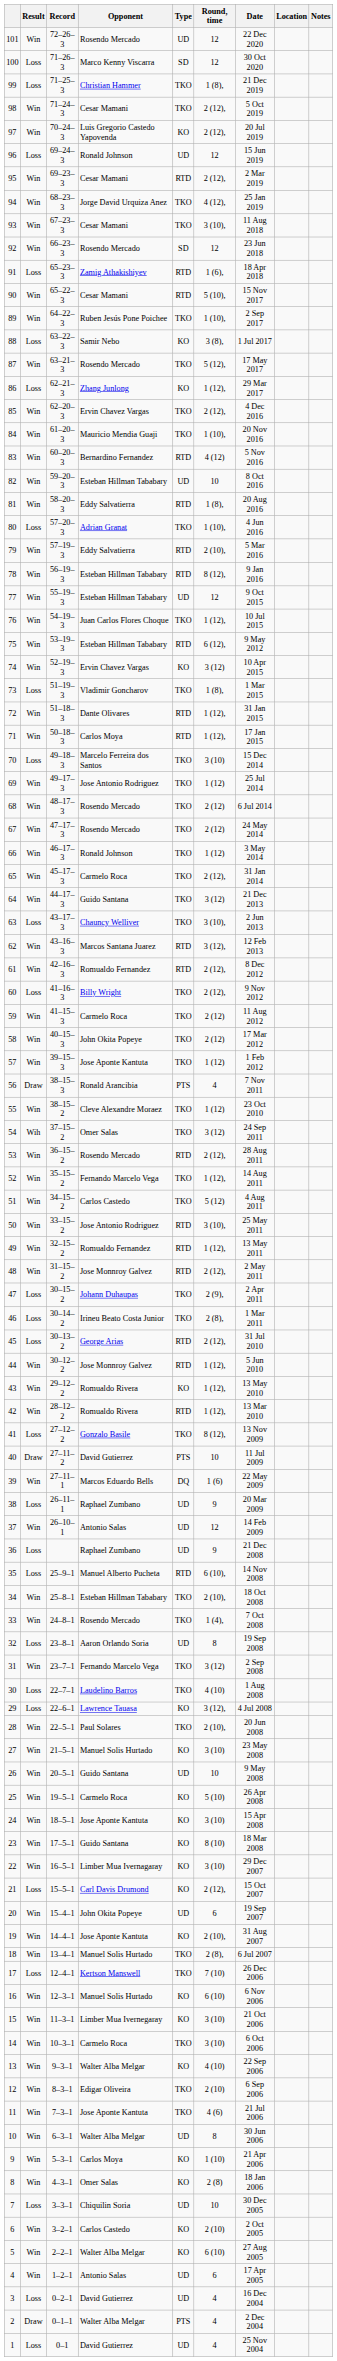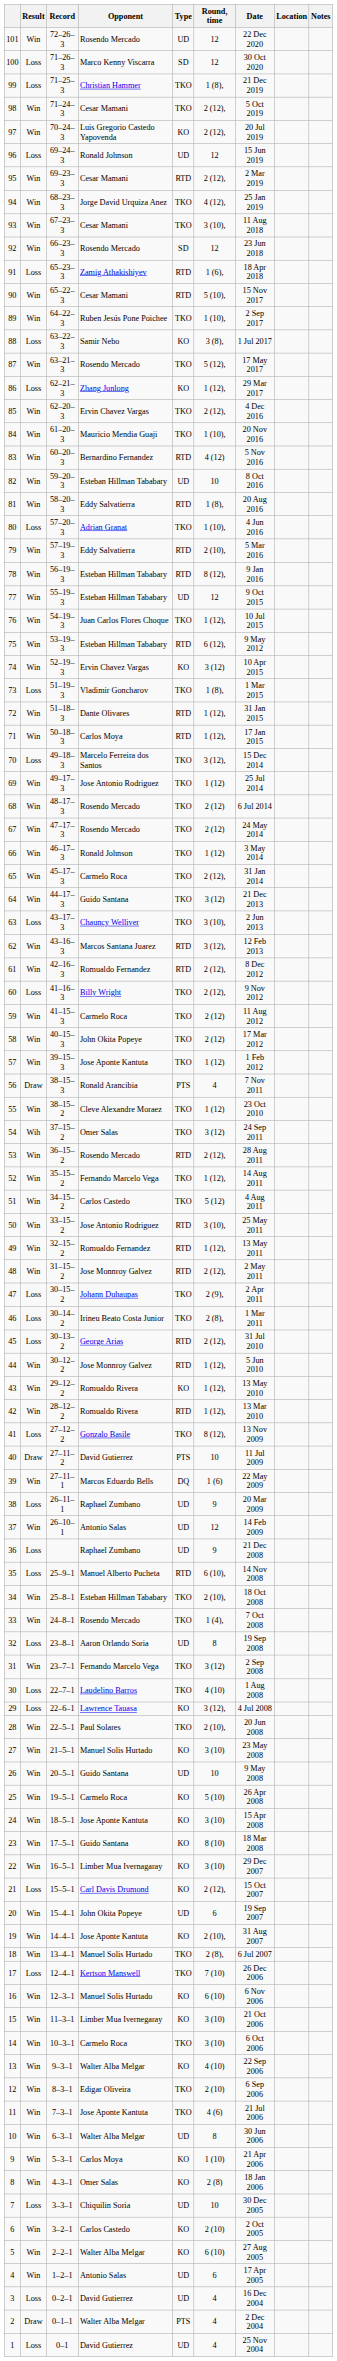 <table class="wikitable" style="text-align:center; font-size:95%">
 <tr>
 <th></th>
 <th>Result</th>
 <th>Record</th>
 <th>Opponent</th>
 <th>Type</th>
 <th>Round, time</th>
 <th>Date</th>
 <th>Location</th>
 <th>Notes</th>
 </tr>
 <tr>
 <td>101</td>
 <td>Win</td>
 <td>72–26–3</td>
 <td align=left>Rosendo Mercado</td>
 <td>UD</td>
 <td>12</td>
 <td>22 Dec 2020</td>
 <td align=left></td>
 <td align=left></td>
 </tr>
 <tr>
 <td>100</td>
 <td>Loss</td>
 <td>71–26–3</td>
 <td align=left>Marco Kenny Viscarra</td>
 <td>SD</td>
 <td>12</td>
 <td>30 Oct 2020</td>
 <td align=left></td>
 <td align=left></td>
 </tr>
 <tr>
 <td>99</td>
 <td>Loss</td>
 <td>71–25–3</td>
 <td align=left><a href='#'>Christian Hammer</a></td>
 <td>TKO</td>
 <td>1 (8), </td>
 <td>21 Dec 2019</td>
 <td align=left></td>
 <td></td>
 </tr>
 <tr>
 <td>98</td>
 <td>Win</td>
 <td>71–24–3</td>
 <td align=left>Cesar Mamani</td>
 <td>TKO</td>
 <td>2 (12), </td>
 <td>5 Oct 2019</td>
 <td align=left></td>
 <td></td>
 </tr>
 <tr>
 <td>97</td>
 <td>Win</td>
 <td>70–24–3</td>
 <td align=left>Luis Gregorio Castedo Yapovenda</td>
 <td>KO</td>
 <td>2 (12), </td>
 <td>20 Jul 2019</td>
 <td align=left></td>
 <td></td>
 </tr>
 <tr>
 <td>96</td>
 <td>Loss</td>
 <td>69–24–3</td>
 <td align=left>Ronald Johnson</td>
 <td>UD</td>
 <td>12</td>
 <td>15 Jun 2019</td>
 <td align=left></td>
 <td></td>
 </tr>
 <tr>
 <td>95</td>
 <td>Win</td>
 <td>69–23–3</td>
 <td align=left>Cesar Mamani</td>
 <td>RTD</td>
 <td>2 (12), </td>
 <td>2 Mar 2019</td>
 <td align=left></td>
 <td align=left></td>
 </tr>
 <tr>
 <td>94</td>
 <td>Win</td>
 <td>68–23–3</td>
 <td align=left>Jorge David Urquiza Anez</td>
 <td>TKO</td>
 <td>4 (12), </td>
 <td>25 Jan 2019</td>
 <td align=left></td>
 <td></td>
 </tr>
 <tr>
 <td>93</td>
 <td>Win</td>
 <td>67–23–3</td>
 <td align=left>Cesar Mamani</td>
 <td>TKO</td>
 <td>3 (10), </td>
 <td>11 Aug 2018</td>
 <td align=left></td>
 <td></td>
 </tr>
 <tr>
 <td>92</td>
 <td>Win</td>
 <td>66–23–3</td>
 <td align=left>Rosendo Mercado</td>
 <td>SD</td>
 <td>12</td>
 <td>23 Jun 2018</td>
 <td align=left></td>
 <td align=left></td>
 </tr>
 <tr>
 <td>91</td>
 <td>Loss</td>
 <td>65–23–3</td>
 <td align=left><a href='#'>Zamig Athakishiyev</a></td>
 <td>RTD</td>
 <td>1 (6), </td>
 <td>18 Apr 2018</td>
 <td align=left></td>
 <td></td>
 </tr>
 <tr>
 <td>90</td>
 <td>Win</td>
 <td>65–22–3</td>
 <td align=left>Cesar Mamani</td>
 <td>RTD</td>
 <td>5 (10), </td>
 <td>15 Nov 2017</td>
 <td align=left></td>
 <td></td>
 </tr>
 <tr>
 <td>89</td>
 <td>Win</td>
 <td>64–22–3</td>
 <td align=left>Ruben Jesús Pone Poichee</td>
 <td>TKO</td>
 <td>1 (10), </td>
 <td>2 Sep 2017</td>
 <td align=left></td>
 <td></td>
 </tr>
 <tr>
 <td>88</td>
 <td>Loss</td>
 <td>63–22–3</td>
 <td align=left>Samir Nebo</td>
 <td>KO</td>
 <td>3 (8), </td>
 <td>1 Jul 2017</td>
 <td align=left></td>
 <td></td>
 </tr>
 <tr>
 <td>87</td>
 <td>Win</td>
 <td>63–21–3</td>
 <td align=left>Rosendo Mercado</td>
 <td>TKO</td>
 <td>5 (12), </td>
 <td>17 May 2017</td>
 <td align=left></td>
 <td align=left></td>
 </tr>
 <tr>
 <td>86</td>
 <td>Loss</td>
 <td>62–21–3</td>
 <td align=left><a href='#'>Zhang Junlong</a></td>
 <td>KO</td>
 <td>1 (12), </td>
 <td>29 Mar 2017</td>
 <td align=left></td>
 <td></td>
 </tr>
 <tr>
 <td>85</td>
 <td>Win</td>
 <td>62–20–3</td>
 <td align=left>Ervin Chavez Vargas</td>
 <td>TKO</td>
 <td>2 (12), </td>
 <td>4 Dec 2016</td>
 <td align=left></td>
 <td></td>
 </tr>
 <tr>
 <td>84</td>
 <td>Win</td>
 <td>61–20–3</td>
 <td align=left>Mauricio Mendia Guaji</td>
 <td>TKO</td>
 <td>1 (10), </td>
 <td>20 Nov 2016</td>
 <td align=left></td>
 <td></td>
 </tr>
 <tr>
 <td>83</td>
 <td>Win</td>
 <td>60–20–3</td>
 <td align=left>Bernardino Fernandez</td>
 <td>RTD</td>
 <td>4 (12)</td>
 <td>5 Nov 2016</td>
 <td align=left></td>
 <td></td>
 </tr>
 <tr>
 <td>82</td>
 <td>Win</td>
 <td>59–20–3</td>
 <td align=left>Esteban Hillman Tababary</td>
 <td>UD</td>
 <td>10</td>
 <td>8 Oct 2016</td>
 <td align=left></td>
 <td></td>
 </tr>
 <tr>
 <td>81</td>
 <td>Win</td>
 <td>58–20–3</td>
 <td align=left>Eddy Salvatierra</td>
 <td>RTD</td>
 <td>1 (8), </td>
 <td>20 Aug 2016</td>
 <td align=left></td>
 <td></td>
 </tr>
 <tr>
 <td>80</td>
 <td>Loss</td>
 <td>57–20–3</td>
 <td align=left><a href='#'>Adrian Granat</a></td>
 <td>TKO</td>
 <td>1 (10), </td>
 <td>4 Jun 2016</td>
 <td align=left></td>
 <td></td>
 </tr>
 <tr>
 <td>79</td>
 <td>Win</td>
 <td>57–19–3</td>
 <td align=left>Eddy Salvatierra</td>
 <td>RTD</td>
 <td>2 (10), </td>
 <td>5 Mar 2016</td>
 <td align=left></td>
 <td></td>
 </tr>
 <tr>
 <td>78</td>
 <td>Win</td>
 <td>56–19–3</td>
 <td align=left>Esteban Hillman Tababary</td>
 <td>RTD</td>
 <td>8 (12), </td>
 <td>9 Jan 2016</td>
 <td align=left></td>
 <td align=left></td>
 </tr>
 <tr>
 <td>77</td>
 <td>Win</td>
 <td>55–19–3</td>
 <td align=left>Esteban Hillman Tababary</td>
 <td>UD</td>
 <td>12</td>
 <td>9 Oct 2015</td>
 <td align=left></td>
 <td align=left></td>
 </tr>
 <tr>
 <td>76</td>
 <td>Win</td>
 <td>54–19–3</td>
 <td align=left>Juan Carlos Flores Choque</td>
 <td>TKO</td>
 <td>1 (12), </td>
 <td>10 Jul 2015</td>
 <td align=left></td>
 <td align=left></td>
 </tr>
 <tr>
 <td>75</td>
 <td>Win</td>
 <td>53–19–3</td>
 <td align=left>Esteban Hillman Tababary</td>
 <td>RTD</td>
 <td>6 (12), </td>
 <td>9 May 2012</td>
 <td align=left></td>
 <td align=left></td>
 </tr>
 <tr>
 <td>74</td>
 <td>Win</td>
 <td>52–19–3</td>
 <td align=left>Ervin Chavez Vargas</td>
 <td>KO</td>
 <td>3 (12)</td>
 <td>10 Apr 2015</td>
 <td align=left></td>
 <td></td>
 </tr>
 <tr>
 <td>73</td>
 <td>Loss</td>
 <td>51–19–3</td>
 <td align=left>Vladimir Goncharov</td>
 <td>TKO</td>
 <td>1 (8), </td>
 <td>1 Mar 2015</td>
 <td align=left></td>
 <td></td>
 </tr>
 <tr>
 <td>72</td>
 <td>Win</td>
 <td>51–18–3</td>
 <td align=left>Dante Olivares</td>
 <td>RTD</td>
 <td>1 (12), </td>
 <td>31 Jan 2015</td>
 <td align=left></td>
 <td></td>
 </tr>
 <tr>
 <td>71</td>
 <td>Win</td>
 <td>50–18–3</td>
 <td align=left>Carlos Moya</td>
 <td>RTD</td>
 <td>1 (12), </td>
 <td>17 Jan 2015</td>
 <td align=left></td>
 <td></td>
 </tr>
 <tr>
 <td>70</td>
 <td>Loss</td>
 <td>49–18–3</td>
 <td align=left>Marcelo Ferreira dos Santos</td>
 <td>TKO</td>
-<td>3 (10)</td>
+<td>3 (12), </td>
 <td>15 Dec 2014</td>
 <td align=left></td>
 <td></td>
 </tr>
 <tr>
 <td>69</td>
 <td>Win</td>
 <td>49–17–3</td>
 <td align=left>Jose Antonio Rodriguez</td>
 <td>TKO</td>
 <td>1 (12)</td>
 <td>25 Jul 2014</td>
 <td align=left></td>
 <td align=left></td>
 </tr>
 <tr>
 <td>68</td>
 <td>Win</td>
 <td>48–17–3</td>
 <td align=left>Rosendo Mercado</td>
 <td>TKO</td>
 <td>2 (12)</td>
 <td>6 Jul 2014</td>
 <td align=left></td>
 <td align=left></td>
 </tr>
 <tr>
 <td>67</td>
 <td>Win</td>
 <td>47–17–3</td>
 <td align=left>Rosendo Mercado</td>
 <td>TKO</td>
 <td>2 (12)</td>
 <td>24 May 2014</td>
 <td align=left></td>
 <td align=left></td>
 </tr>
 <tr>
 <td>66</td>
 <td>Win</td>
 <td>46–17–3</td>
 <td align=left>Ronald Johnson</td>
 <td>TKO</td>
 <td>1 (12)</td>
 <td>3 May 2014</td>
 <td align=left></td>
 <td align=left></td>
 </tr>
 <tr>
 <td>65</td>
 <td>Win</td>
 <td>45–17–3</td>
 <td align=left>Carmelo Roca</td>
 <td>TKO</td>
 <td>2 (12), </td>
 <td>31 Jan 2014</td>
 <td align=left></td>
 <td align=left></td>
 </tr>
 <tr>
 <td>64</td>
 <td>Win</td>
 <td>44–17–3</td>
 <td align=left>Guido Santana</td>
 <td>TKO</td>
 <td>3 (12)</td>
 <td>21 Dec 2013</td>
 <td align=left></td>
 <td align=left></td>
 </tr>
 <tr>
 <td>63</td>
 <td>Loss</td>
 <td>43–17–3</td>
 <td align=left><a href='#'>Chauncy Welliver</a></td>
 <td>TKO</td>
 <td>3 (10), </td>
 <td>2 Jun 2013</td>
 <td align=left></td>
 <td></td>
 </tr>
 <tr>
 <td>62</td>
 <td>Win</td>
 <td>43–16–3</td>
 <td align=left>Marcos Santana Juarez</td>
 <td>RTD</td>
 <td>3 (12), </td>
 <td>12 Feb 2013</td>
 <td align=left></td>
 <td align=left></td>
 </tr>
 <tr>
 <td>61</td>
 <td>Win</td>
 <td>42–16–3</td>
 <td align=left>Romualdo Fernandez</td>
 <td>RTD</td>
 <td>2 (12), </td>
 <td>8 Dec 2012</td>
 <td align=left></td>
 <td align=left></td>
 </tr>
 <tr>
 <td>60</td>
 <td>Loss</td>
 <td>41–16–3</td>
 <td align=left><a href='#'>Billy Wright</a></td>
 <td>TKO</td>
 <td>2 (12), </td>
 <td>9 Nov 2012</td>
 <td align=left></td>
 <td align=left></td>
 </tr>
 <tr>
 <td>59</td>
 <td>Win</td>
 <td>41–15–3</td>
 <td align=left>Carmelo Roca</td>
 <td>TKO</td>
 <td>2 (12)</td>
 <td>11 Aug 2012</td>
 <td align=left></td>
 <td></td>
 </tr>
 <tr>
 <td>58</td>
 <td>Win</td>
 <td>40–15–3</td>
 <td align=left>John Okita Popeye</td>
 <td>TKO</td>
 <td>2 (12)</td>
 <td>17 Mar 2012</td>
 <td align=left></td>
 <td align=left></td>
 </tr>
 <tr>
 <td>57</td>
 <td>Win</td>
 <td>39–15–3</td>
 <td align=left>Jose Aponte Kantuta</td>
 <td>TKO</td>
 <td>1 (12)</td>
 <td>1 Feb 2012</td>
 <td align=left></td>
 <td align=left></td>
 </tr>
 <tr>
 <td>56</td>
 <td>Draw</td>
 <td>38–15–3</td>
 <td align=left>Ronald Arancibia</td>
 <td>PTS</td>
 <td>4</td>
 <td>7 Nov 2011</td>
 <td align=left></td>
 <td></td>
 </tr>
 <tr>
 <td>55</td>
 <td>Win</td>
 <td>38–15–2</td>
 <td align=left>Cleve Alexandre Moraez</td>
 <td>TKO</td>
 <td>1 (12)</td>
 <td>23 Oct 2010</td>
 <td align=left></td>
 <td></td>
 </tr>
 <tr>
 <td>54</td>
 <td>Wih</td>
 <td>37–15–2</td>
 <td align=left>Omer Salas</td>
 <td>TKO</td>
 <td>3 (12)</td>
 <td>24 Sep 2011</td>
 <td align=left></td>
 <td></td>
 </tr>
 <tr>
 <td>53</td>
 <td>Win</td>
 <td>36–15–2</td>
 <td align=left>Rosendo Mercado</td>
 <td>RTD</td>
 <td>2 (12), </td>
 <td>28 Aug 2011</td>
 <td align=left></td>
 <td align=left></td>
 </tr>
 <tr>
 <td>52</td>
 <td>Win</td>
 <td>35–15–2</td>
 <td align=left>Fernando Marcelo Vega</td>
 <td>TKO</td>
 <td>1 (12), </td>
 <td>14 Aug 2011</td>
 <td align=left></td>
 <td></td>
 </tr>
 <tr>
 <td>51</td>
 <td>Win</td>
 <td>34–15–2</td>
 <td align=left>Carlos Castedo</td>
 <td>TKO</td>
 <td>5 (12)</td>
 <td>4 Aug 2011</td>
 <td align=left></td>
 <td></td>
 </tr>
 <tr>
 <td>50</td>
 <td>Win</td>
 <td>33–15–2</td>
 <td align=left>Jose Antonio Rodriguez</td>
 <td>RTD</td>
 <td>3 (10), </td>
 <td>25 May 2011</td>
 <td align=left></td>
 <td></td>
 </tr>
 <tr>
 <td>49</td>
 <td>Win</td>
 <td>32–15–2</td>
 <td align=left>Romualdo Fernandez</td>
 <td>RTD</td>
 <td>1 (12), </td>
 <td>13 May 2011</td>
 <td align=left></td>
 <td align=left></td>
 </tr>
 <tr>
 <td>48</td>
 <td>Win</td>
 <td>31–15–2</td>
 <td align=left>Jose Monnroy Galvez</td>
 <td>RTD</td>
 <td>2 (12), </td>
 <td>2 May 2011</td>
 <td align=left></td>
 <td align=left></td>
 </tr>
 <tr>
 <td>47</td>
 <td>Loss</td>
 <td>30–15–2</td>
 <td align=left><a href='#'>Johann Duhaupas</a></td>
 <td>TKO</td>
 <td>2 (9), </td>
 <td>2 Apr 2011</td>
 <td align=left></td>
 <td align=left></td>
 </tr>
 <tr>
 <td>46</td>
 <td>Loss</td>
 <td>30–14–2</td>
 <td align=left>Irineu Beato Costa Junior</td>
 <td>TKO</td>
 <td>2 (8), </td>
 <td>1 Mar 2011</td>
 <td align=left></td>
 <td></td>
 </tr>
 <tr>
 <td>45</td>
 <td>Loss</td>
 <td>30–13–2</td>
 <td align=left><a href='#'>George Arias</a></td>
 <td>RTD</td>
 <td>2 (12), </td>
 <td>31 Jul 2010</td>
 <td align=left></td>
 <td align=left></td>
 </tr>
 <tr>
 <td>44</td>
 <td>Win</td>
 <td>30–12–2</td>
 <td align=left>Jose Monnroy Galvez</td>
 <td>RTD</td>
 <td>1 (12), </td>
 <td>5 Jun 2010</td>
 <td align=left></td>
 <td align=left></td>
 </tr>
 <tr>
 <td>43</td>
 <td>Win</td>
 <td>29–12–2</td>
 <td align=left>Romualdo Rivera</td>
 <td>KO</td>
 <td>1 (12), </td>
 <td>13 May 2010</td>
 <td align=left></td>
 <td align=left></td>
 </tr>
 <tr>
 <td>42</td>
 <td>Win</td>
 <td>28–12–2</td>
 <td align=left>Romualdo Rivera</td>
 <td>RTD</td>
 <td>1 (12), </td>
 <td>13 Mar 2010</td>
 <td align=left></td>
 <td align=left></td>
 </tr>
 <tr>
 <td>41</td>
 <td>Loss</td>
 <td>27–12–2</td>
 <td align=left><a href='#'>Gonzalo Basile</a></td>
 <td>TKO</td>
 <td>8 (12), </td>
 <td>13 Nov 2009</td>
 <td align=left></td>
 <td align=left></td>
 </tr>
 <tr>
 <td>40</td>
 <td>Draw</td>
 <td>27–11–2</td>
 <td align=left>David Gutierrez</td>
 <td>PTS</td>
 <td>10</td>
 <td>11 Jul 2009</td>
 <td align=left></td>
 <td align=left></td>
 </tr>
 <tr>
 <td>39</td>
 <td>Win</td>
 <td>27–11–1</td>
 <td align=left>Marcos Eduardo Bells</td>
 <td>DQ</td>
 <td>1 (6)</td>
 <td>22 May 2009</td>
 <td align=left></td>
 <td></td>
 </tr>
 <tr>
 <td>38</td>
 <td>Loss</td>
 <td>26–11–1</td>
 <td align=left>Raphael Zumbano</td>
 <td>UD</td>
 <td>9</td>
 <td>20 Mar 2009</td>
 <td align=left></td>
 <td align=left></td>
 </tr>
 <tr>
 <td>37</td>
 <td>Win</td>
 <td>26–10–1</td>
 <td align=left>Antonio Salas</td>
 <td>UD</td>
 <td>12</td>
 <td>14 Feb 2009</td>
 <td align=left></td>
 <td align=left></td>
 </tr>
 <tr>
 <td>36</td>
 <td>Loss</td>
 <td></td>
 <td align=left>Raphael Zumbano</td>
 <td>UD</td>
 <td>9</td>
 <td>21 Dec 2008</td>
 <td align=left></td>
 <td align=left></td>
 </tr>
 <tr>
 <td>35</td>
 <td>Loss</td>
 <td>25–9–1</td>
 <td align=left>Manuel Alberto Pucheta</td>
 <td>RTD</td>
 <td>6 (10), </td>
 <td>14 Nov 2008</td>
 <td align=left></td>
 <td align=left></td>
 </tr>
 <tr>
 <td>34</td>
 <td>Win</td>
 <td>25–8–1</td>
 <td align=left>Esteban Hillman Tababary</td>
 <td>TKO</td>
 <td>2 (10), </td>
 <td>18 Oct 2008</td>
 <td align=left></td>
 <td></td>
 </tr>
 <tr>
 <td>33</td>
 <td>Win</td>
 <td>24–8–1</td>
 <td align=left>Rosendo Mercado</td>
 <td>TKO</td>
 <td>1 (4), </td>
 <td>7 Oct 2008</td>
 <td align=left></td>
 <td></td>
 </tr>
 <tr>
 <td>32</td>
 <td>Loss</td>
 <td>23–8–1</td>
 <td align=left>Aaron Orlando Soria</td>
 <td>UD</td>
 <td>8</td>
 <td>19 Sep 2008</td>
 <td align=left></td>
 <td></td>
 </tr>
 <tr>
 <td>31</td>
 <td>Win</td>
 <td>23–7–1</td>
 <td align=left>Fernando Marcelo Vega</td>
 <td>TKO</td>
 <td>3 (12)</td>
 <td>2 Sep 2008</td>
 <td align=left></td>
 <td align=left></td>
 </tr>
 <tr>
 <td>30</td>
 <td>Loss</td>
 <td>22–7–1</td>
 <td align=left><a href='#'>Laudelino Barros</a></td>
 <td>TKO</td>
 <td>4 (10)</td>
 <td>1 Aug 2008</td>
 <td align=left></td>
 <td></td>
 </tr>
 <tr>
 <td>29</td>
 <td>Loss</td>
 <td>22–6–1</td>
 <td align=left><a href='#'>Lawrence Tauasa</a></td>
 <td>KO</td>
 <td>3 (12), </td>
 <td>4 Jul 2008</td>
 <td align=left></td>
 <td align=left></td>
 </tr>
 <tr>
 <td>28</td>
 <td>Win</td>
 <td>22–5–1</td>
 <td align=left>Paul Solares</td>
 <td>TKO</td>
 <td>2 (10), </td>
 <td>20 Jun 2008</td>
 <td align=left></td>
 <td></td>
 </tr>
 <tr>
 <td>27</td>
 <td>Win</td>
 <td>21–5–1</td>
 <td align=left>Manuel Solis Hurtado</td>
 <td>KO</td>
 <td>3 (10)</td>
 <td>23 May 2008</td>
 <td align=left></td>
 <td></td>
 </tr>
 <tr>
 <td>26</td>
 <td>Win</td>
 <td>20–5–1</td>
 <td align=left>Guido Santana</td>
 <td>UD</td>
 <td>10</td>
 <td>9 May 2008</td>
 <td align=left></td>
 <td></td>
 </tr>
 <tr>
 <td>25</td>
 <td>Win</td>
 <td>19–5–1</td>
 <td align=left>Carmelo Roca</td>
 <td>KO</td>
 <td>5 (10)</td>
 <td>26 Apr 2008</td>
 <td align=left></td>
 <td></td>
 </tr>
 <tr>
 <td>24</td>
 <td>Win</td>
 <td>18–5–1</td>
 <td align=left>Jose Aponte Kantuta</td>
 <td>KO</td>
 <td>3 (10)</td>
 <td>15 Apr 2008</td>
 <td align=left></td>
 <td></td>
 </tr>
 <tr>
 <td>23</td>
 <td>Win</td>
 <td>17–5–1</td>
 <td align=left>Guido Santana</td>
 <td>KO</td>
 <td>8 (10)</td>
 <td>18 Mar 2008</td>
 <td align=left></td>
 <td></td>
 </tr>
 <tr>
 <td>22</td>
 <td>Win</td>
 <td>16–5–1</td>
 <td align=left>Limber Mua Ivernagaray</td>
 <td>KO</td>
 <td>3 (10)</td>
 <td>29 Dec 2007</td>
 <td align=left></td>
 <td></td>
 </tr>
 <tr>
 <td>21</td>
 <td>Loss</td>
 <td>15–5–1</td>
 <td align=left><a href='#'>Carl Davis Drumond</a></td>
 <td>KO</td>
 <td>2 (12), </td>
 <td>15 Oct 2007</td>
 <td align=left></td>
 <td align=left></td>
 </tr>
 <tr>
 <td>20</td>
 <td>Win</td>
 <td>15–4–1</td>
 <td align=left>John Okita Popeye</td>
 <td>UD</td>
 <td>6</td>
 <td>19 Sep 2007</td>
 <td align=left></td>
 <td></td>
 </tr>
 <tr>
 <td>19</td>
 <td>Win</td>
 <td>14–4–1</td>
 <td align=left>Jose Aponte Kantuta</td>
 <td>KO</td>
 <td>2 (10), </td>
 <td>31 Aug 2007</td>
 <td align=left></td>
 <td></td>
 </tr>
 <tr>
 <td>18</td>
 <td>Win</td>
 <td>13–4–1</td>
 <td align=left>Manuel Solis Hurtado</td>
 <td>TKO</td>
 <td>2 (8), </td>
 <td>6 Jul 2007</td>
 <td align=left></td>
 <td></td>
 </tr>
 <tr>
 <td>17</td>
 <td>Loss</td>
 <td>12–4–1</td>
 <td align=left><a href='#'>Kertson Manswell</a></td>
 <td>TKO</td>
 <td>7 (10)</td>
 <td>26 Dec 2006</td>
 <td align=left></td>
 <td></td>
 </tr>
 <tr>
 <td>16</td>
 <td>Win</td>
 <td>12–3–1</td>
 <td align=left>Manuel Solis Hurtado</td>
 <td>KO</td>
 <td>6 (10)</td>
 <td>6 Nov 2006</td>
 <td align=left></td>
 <td></td>
 </tr>
 <tr>
 <td>15</td>
 <td>Win</td>
 <td>11–3–1</td>
 <td align=left>Limber Mua Ivernegaray</td>
 <td>KO</td>
 <td>3 (10)</td>
 <td>21 Oct 2006</td>
 <td align=left></td>
 <td></td>
 </tr>
 <tr>
 <td>14</td>
 <td>Win</td>
 <td>10–3–1</td>
 <td align=left>Carmelo Roca</td>
 <td>TKO</td>
 <td>3 (10)</td>
 <td>6 Oct 2006</td>
 <td align=left></td>
 <td></td>
 </tr>
 <tr>
 <td>13</td>
 <td>Win</td>
 <td>9–3–1</td>
 <td align=left>Walter Alba Melgar</td>
 <td>KO</td>
 <td>4 (10)</td>
 <td>22 Sep 2006</td>
 <td align=left></td>
 <td></td>
 </tr>
 <tr>
 <td>12</td>
 <td>Win</td>
 <td>8–3–1</td>
 <td align=left>Edigar Oliveira</td>
 <td>TKO</td>
 <td>2 (10)</td>
 <td>6 Sep 2006</td>
 <td align=left></td>
 <td></td>
 </tr>
 <tr>
 <td>11</td>
 <td>Win</td>
 <td>7–3–1</td>
 <td align=left>Jose Aponte Kantuta</td>
 <td>TKO</td>
 <td>4 (6)</td>
 <td>21 Jul 2006</td>
 <td align=left></td>
 <td></td>
 </tr>
 <tr>
 <td>10</td>
 <td>Win</td>
 <td>6–3–1</td>
 <td align=left>Walter Alba Melgar</td>
 <td>UD</td>
 <td>8</td>
 <td>30 Jun 2006</td>
 <td align=left></td>
 <td></td>
 </tr>
 <tr>
 <td>9</td>
 <td>Win</td>
 <td>5–3–1</td>
 <td align=left>Carlos Moya</td>
 <td>KO</td>
 <td>1 (10)</td>
 <td>21 Apr 2006</td>
 <td align=left></td>
 <td></td>
 </tr>
 <tr>
 <td>8</td>
 <td>Win</td>
 <td>4–3–1</td>
 <td align=left>Omer Salas</td>
 <td>KO</td>
 <td>2 (8)</td>
 <td>18 Jan 2006</td>
 <td align=left></td>
 <td></td>
 </tr>
 <tr>
 <td>7</td>
 <td>Loss</td>
 <td>3–3–1</td>
 <td align=left>Chiquilin Soria</td>
 <td>UD</td>
 <td>10</td>
 <td>30 Dec 2005</td>
 <td align=left></td>
 <td></td>
 </tr>
 <tr>
 <td>6</td>
 <td>Win</td>
 <td>3–2–1</td>
 <td align=left>Carlos Castedo</td>
 <td>KO</td>
 <td>2 (10)</td>
 <td>2 Oct 2005</td>
 <td align=left></td>
 <td></td>
 </tr>
 <tr>
 <td>5</td>
 <td>Win</td>
 <td>2–2–1</td>
 <td align=left>Walter Alba Melgar</td>
 <td>KO</td>
 <td>6 (10)</td>
 <td>27 Aug 2005</td>
 <td align=left></td>
 <td></td>
 </tr>
 <tr>
 <td>4</td>
 <td>Win</td>
 <td>1–2–1</td>
 <td align=left>Antonio Salas</td>
 <td>UD</td>
 <td>6</td>
 <td>17 Apr 2005</td>
 <td align=left></td>
 <td></td>
 </tr>
 <tr>
 <td>3</td>
 <td>Loss</td>
 <td>0–2–1</td>
 <td align=left>David Gutierrez</td>
 <td>UD</td>
 <td>4</td>
 <td>16 Dec 2004</td>
 <td align=left></td>
 <td></td>
 </tr>
 <tr>
 <td>2</td>
 <td>Draw</td>
 <td>0–1–1</td>
 <td align=left>Walter Alba Melgar</td>
 <td>PTS</td>
 <td>4</td>
 <td>2 Dec 2004</td>
 <td align=left></td>
 <td></td>
 </tr>
 <tr>
 <td>1</td>
 <td>Loss</td>
 <td>0–1</td>
 <td align=left>David Gutierrez</td>
 <td>UD</td>
 <td>4</td>
 <td>25 Nov 2004</td>
 <td align=left></td>
 <td></td>
 </tr>
 </table>
